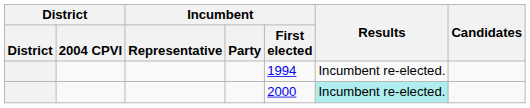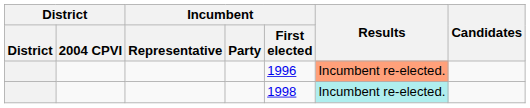 <table class="wikitable sortable">
 <tr>
 <th colspan=2>District</th>
 <th colspan=3>Incumbent</th>
 <th rowspan=2>Results</th>
 <th rowspan=2>Candidates</th>
 </tr>
 <tr valign=bottom>
 <th>District</th>
 <th>2004 CPVI</th>
 <th>Representative</th>
 <th>Party</th>
 <th>First<br>elected</th>
 </tr>
 <tr>
 <th></th>
 <td></td>
 <td></td>
 <td></td>
-<td><a href='#'>1994</a></td>
-<td>Incumbent re-elected.</td>
+<td><a href='#'>1996</a></td>
+<td style="background: lightsalmon;">Incumbent re-elected.</td>
 <td nowrap></td>
 </tr>
 <tr>
 <th></th>
 <td></td>
 <td></td>
 <td></td>
-<td><a href='#'>2000</a></td>
+<td><a href='#'>1998</a></td>
 <td style="background: paleturquoise;">Incumbent re-elected.</td>
 <td nowrap></td>
 </tr>
 </table>
